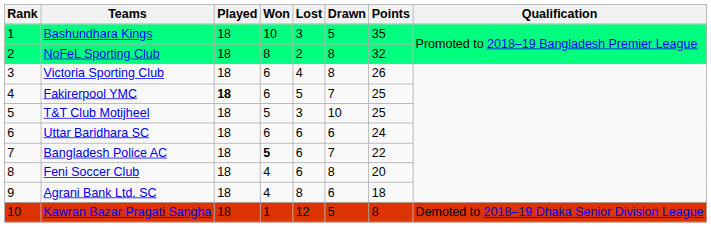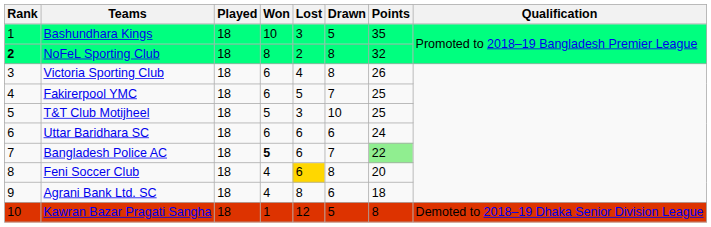 <table class="wikitable">
 <tr>
 <th>Rank</th>
 <th>Teams</th>
 <th>Played</th>
 <th>Won</th>
 <th>Lost</th>
 <th>Drawn</th>
 <th>Points</th>
 <th>Qualification</th>
 </tr>
 <tr bgcolor=#00FF7F>
 <td>1</td>
 <td><a href='#'>Bashundhara Kings</a></td>
 <td>18</td>
 <td>10</td>
 <td>3</td>
 <td>5</td>
 <td>35</td>
 <td rowspan=2>Promoted to <a href='#'>2018–19 Bangladesh Premier League</a></td>
 </tr>
 <tr bgcolor=#00FF7F>
-<td>2</td>
+<td><strong>2</strong></td>
 <td><a href='#'>NoFeL Sporting Club</a></td>
 <td>18</td>
 <td>8</td>
 <td>2</td>
 <td>8</td>
 <td>32</td>
 </tr>
 <tr>
 <td>3</td>
 <td><a href='#'>Victoria Sporting Club</a></td>
 <td>18</td>
 <td>6</td>
 <td>4</td>
 <td>8</td>
 <td>26</td>
 </tr>
 <tr>
 <td>4</td>
 <td><a href='#'>Fakirerpool YMC</a></td>
-<td><strong>18</strong></td>
+<td>18</td>
 <td>6</td>
 <td>5</td>
 <td>7</td>
 <td>25</td>
 </tr>
 <tr>
 <td>5</td>
 <td><a href='#'>T&T Club Motijheel</a></td>
 <td>18</td>
 <td>5</td>
 <td>3</td>
 <td>10</td>
 <td>25</td>
 </tr>
 <tr>
 <td>6</td>
 <td><a href='#'>Uttar Baridhara SC</a></td>
 <td>18</td>
 <td>6</td>
 <td>6</td>
 <td>6</td>
 <td>24</td>
 </tr>
 <tr>
 <td>7</td>
 <td><a href='#'>Bangladesh Police AC</a></td>
 <td>18</td>
 <td><strong>5</strong></td>
 <td>6</td>
 <td>7</td>
-<td>22</td>
+<td style="background: lightgreen;">22</td>
 </tr>
 <tr>
 <td>8</td>
 <td><a href='#'>Feni Soccer Club</a></td>
 <td>18</td>
 <td>4</td>
-<td>6</td>
+<td style="background: gold;">6</td>
 <td>8</td>
 <td>20</td>
 </tr>
 <tr>
 <td>9</td>
 <td><a href='#'>Agrani Bank Ltd. SC</a></td>
 <td>18</td>
 <td>4</td>
 <td>8</td>
 <td>6</td>
 <td>18</td>
 </tr>
 <tr bgcolor=#d30>
 <td>10</td>
 <td><a href='#'>Kawran Bazar Pragati Sangha</a></td>
 <td>18</td>
 <td>1</td>
 <td>12</td>
 <td>5</td>
 <td>8</td>
 <td>Demoted to <a href='#'>2018–19 Dhaka Senior Division League</a></td>
 </tr>
 </table>
